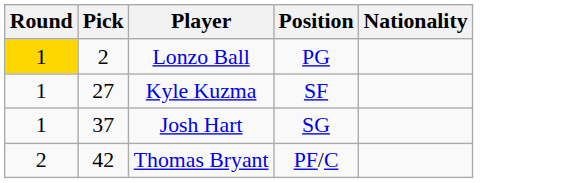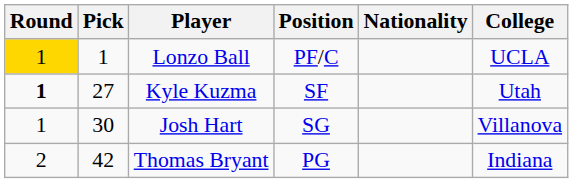 <table class="wikitable sortable sortable">
 <tr>
 <th>Round</th>
 <th>Pick</th>
 <th>Player</th>
 <th>Position</th>
 <th>Nationality</th>
+<th>College</th>
 </tr>
 <tr style="text-align: center">
 <td style="background: gold;">1</td>
-<td>2</td>
+<td>1</td>
 <td><a href='#'>Lonzo Ball</a></td>
-<td><a href='#'>PG</a></td>
+<td><a href='#'>PF</a>/<a href='#'>C</a></td>
 <td></td>
+<td><a href='#'>UCLA</a></td>
 </tr>
 <tr style="text-align: center">
-<td>1</td>
+<td><strong>1</strong></td>
 <td>27</td>
 <td><a href='#'>Kyle Kuzma</a></td>
 <td><a href='#'>SF</a></td>
 <td></td>
+<td><a href='#'>Utah</a></td>
 </tr>
 <tr style="text-align: center">
 <td>1</td>
-<td>37</td>
+<td>30</td>
 <td><a href='#'>Josh Hart</a></td>
 <td><a href='#'>SG</a></td>
 <td></td>
+<td><a href='#'>Villanova</a></td>
 </tr>
 <tr style="text-align: center">
 <td>2</td>
 <td>42</td>
 <td><a href='#'>Thomas Bryant</a></td>
-<td><a href='#'>PF</a>/<a href='#'>C</a></td>
+<td><a href='#'>PG</a></td>
 <td></td>
+<td><a href='#'>Indiana</a></td>
 </tr>
 </table>
